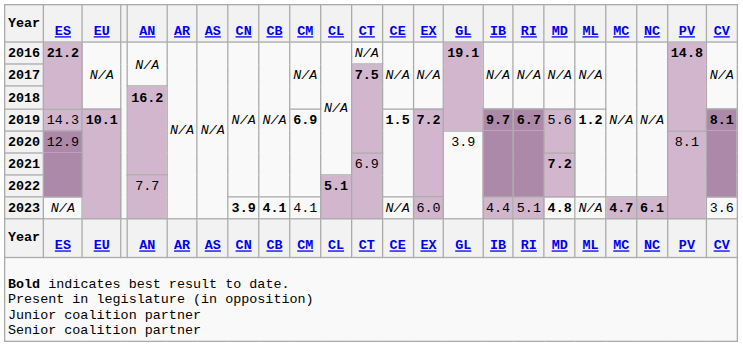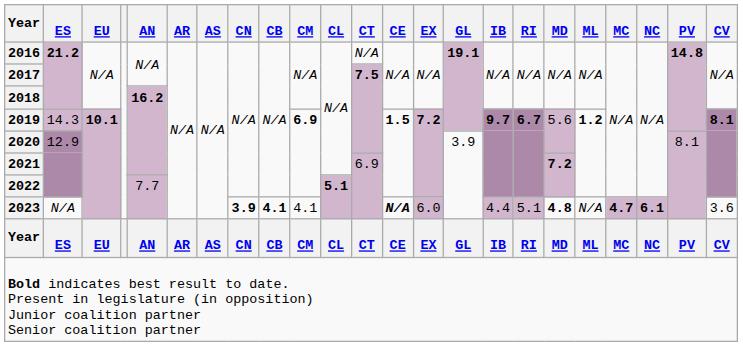 <table class="wikitable sortable" style="font-size:80%; text-align:center">
 <tr>
 <th>Year</th>
 <th><br><a href='#'>ES</a></th>
 <th><br><a href='#'>EU</a></th>
 <th class="unsortable"></th>
 <th><br><a href='#'>AN</a></th>
 <th><br><a href='#'>AR</a></th>
 <th><br><a href='#'>AS</a></th>
 <th><br><a href='#'>CN</a></th>
 <th><br><a href='#'>CB</a></th>
 <th><br><a href='#'>CM</a></th>
 <th><br><a href='#'>CL</a></th>
 <th><br><a href='#'>CT</a></th>
 <th><br><a href='#'>CE</a></th>
 <th><br><a href='#'>EX</a></th>
 <th><br><a href='#'>GL</a></th>
 <th><br><a href='#'>IB</a></th>
 <th><br><a href='#'>RI</a></th>
 <th><br><a href='#'>MD</a></th>
 <th><br><a href='#'>ML</a></th>
 <th><br><a href='#'>MC</a></th>
 <th><br><a href='#'>NC</a></th>
 <th><br><a href='#'>PV</a></th>
 <th><br><a href='#'>CV</a></th>
 </tr>
 <tr>
 <th>2016</th>
 <td rowspan="3" style="background:#D1B6CE; vertical-align:top;"><strong>21.2</strong></td>
 <td rowspan="3"><em>N/A</em></td>
 <td rowspan="9"></td>
 <td rowspan="2"><em>N/A</em></td>
 <td rowspan="9"><em>N/A</em></td>
 <td rowspan="9"><em>N/A</em></td>
 <td rowspan="8"><em>N/A</em></td>
 <td rowspan="8"><em>N/A</em></td>
 <td rowspan="3"><em>N/A</em></td>
 <td rowspan="7"><em>N/A</em></td>
 <td><em>N/A</em></td>
 <td rowspan="3"><em>N/A</em></td>
 <td rowspan="3"><em>N/A</em></td>
 <td rowspan="5" style="background:#D1B6CE; vertical-align:top;"><strong>19.1</strong></td>
 <td rowspan="3"><em>N/A</em></td>
 <td rowspan="3"><em>N/A</em></td>
 <td rowspan="3"><em>N/A</em></td>
 <td rowspan="3"><em>N/A</em></td>
 <td rowspan="8"><em>N/A</em></td>
 <td rowspan="8"><em>N/A</em></td>
 <td rowspan="5" style="background:#D1B6CE; vertical-align:top;"><strong>14.8</strong></td>
 <td rowspan="3"><em>N/A</em></td>
 </tr>
 <tr>
 <th>2017</th>
 <td rowspan="5" style="background:#D1B6CE; vertical-align:top;"><strong>7.5</strong></td>
 </tr>
 <tr>
 <th>2018</th>
 <td rowspan="5" style="background:#D1B6CE; vertical-align:top;"><strong>16.2</strong></td>
 </tr>
 <tr>
 <th rowspan="2">2019</th>
 <td style="background:#D1B6CE; vertical-align:top;"> 14.3</td>
 <td rowspan="6" style="background:#D1B6CE; vertical-align:top;"><strong>10.1</strong></td>
 <td rowspan="5" style="vertical-align:top;"><strong>6.9</strong></td>
 <td rowspan="5" style="vertical-align:top;"><strong>1.5</strong></td>
 <td rowspan="5" style="background:#D1B6CE; vertical-align:top;"><strong>7.2</strong></td>
 <td style="background:#AD89A9; vertical-align:top;"><strong>9.7</strong></td>
 <td style="background:#AD89A9; vertical-align:top;"><strong>6.7</strong></td>
 <td rowspan="3" style="background:#D1B6CE; vertical-align:top;">5.6</td>
 <td rowspan="5" style="vertical-align:top;"><strong>1.2</strong></td>
 <td style="background:#AD89A9; vertical-align:top;"><strong>8.1</strong></td>
 </tr>
 <tr>
 <td rowspan="2" style="background:#AD89A9; vertical-align:top;"> 12.9</td>
 <td rowspan="4" style="background:#AD89A9; border-top-style:hidden"></td>
 <td rowspan="4" style="background:#AD89A9; border-top-style:hidden"></td>
 <td rowspan="4" style="background:#AD89A9; border-top-style:hidden"></td>
 </tr>
 <tr>
 <th>2020</th>
 <td rowspan="4" style="vertical-align:top;"> 3.9</td>
 <td rowspan="4" style="background:#D1B6CE; vertical-align:top;"> 8.1</td>
 </tr>
 <tr>
 <th>2021</th>
 <td rowspan="2" style="background:#AD89A9; border-top-style:hidden"></td>
 <td rowspan="3" style="background:#D1B6CE; vertical-align:top;"> 6.9</td>
 <td rowspan="2" style="background:#D1B6CE; vertical-align:top;"> <strong>7.2</strong></td>
 </tr>
 <tr>
 <th>2022</th>
 <td rowspan="2" style="background:#D1B6CE; vertical-align:top;"> 7.7</td>
 <td rowspan="2" style="background:#D1B6CE; vertical-align:top;"><strong>5.1</strong></td>
 </tr>
 <tr>
 <th>2023</th>
 <td style="vertical-align:top;"><em>N/A</em></td>
 <td style="vertical-align:top;"><strong>3.9</strong></td>
 <td style="vertical-align:top;"><strong>4.1</strong></td>
 <td style="vertical-align:top;"> 4.1</td>
-<td style="vertical-align:top;"><em>N/A</em></td>
+<td style="vertical-align:top;"><strong><em>N/A</em></strong></td>
 <td style="background:#D1B6CE; vertical-align:top;"> 6.0</td>
 <td style="background:#D1B6CE; vertical-align:top;"> 4.4</td>
 <td style="background:#D1B6CE; vertical-align:top;"> 5.1</td>
 <td style="vertical-align:top;"><strong> 4.8</strong></td>
 <td style="vertical-align:top;"><em>N/A</em></td>
 <td style="background:#D1B6CE; vertical-align:top;"><strong>4.7</strong></td>
 <td style="background:#D1B6CE; vertical-align:top;"><strong>6.1</strong></td>
 <td style="vertical-align:top;"> 3.6</td>
 </tr>
 <tr>
 <th>Year</th>
 <th><br><a href='#'>ES</a></th>
 <th><br><a href='#'>EU</a></th>
 <th class="unsortable"></th>
 <th><br><a href='#'>AN</a></th>
 <th><br><a href='#'>AR</a></th>
 <th><br><a href='#'>AS</a></th>
 <th><br><a href='#'>CN</a></th>
 <th><br><a href='#'>CB</a></th>
 <th><br><a href='#'>CM</a></th>
 <th><br><a href='#'>CL</a></th>
 <th><br><a href='#'>CT</a></th>
 <th><br><a href='#'>CE</a></th>
 <th><br><a href='#'>EX</a></th>
 <th><br><a href='#'>GL</a></th>
 <th><br><a href='#'>IB</a></th>
 <th><br><a href='#'>RI</a></th>
 <th><br><a href='#'>MD</a></th>
 <th><br><a href='#'>ML</a></th>
 <th><br><a href='#'>MC</a></th>
 <th><br><a href='#'>NC</a></th>
 <th><br><a href='#'>PV</a></th>
 <th><br><a href='#'>CV</a></th>
 </tr>
 <tr>
 <td colspan="23" align="left"><br><strong>Bold</strong> indicates best result to date.<br> Present in legislature (in opposition)<br> Junior coalition partner<br> Senior coalition partner</td>
 </tr>
 </table>
